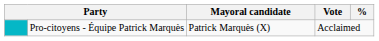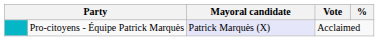 <table class="wikitable">
 <tr>
 <th bgcolor="#DDDDFF" width="230px" colspan="2">Party</th>
 <th bgcolor="#DDDDFF" width="200px">Mayoral candidate</th>
 <th bgcolor="#DDDDFF" width="50px">Vote</th>
 <th bgcolor="#DDDDFF" width="30px">%</th>
 </tr>
 <tr>
 <td bgcolor=#05B7C6 width="30px"> </td>
 <td>Pro-citoyens - Équipe Patrick Marquès</td>
-<td>Patrick Marquès (X)</td>
+<td style="background: lavender;">Patrick Marquès (X)</td>
 <td colspan="2">Acclaimed</td>
 </tr>
 </table>
